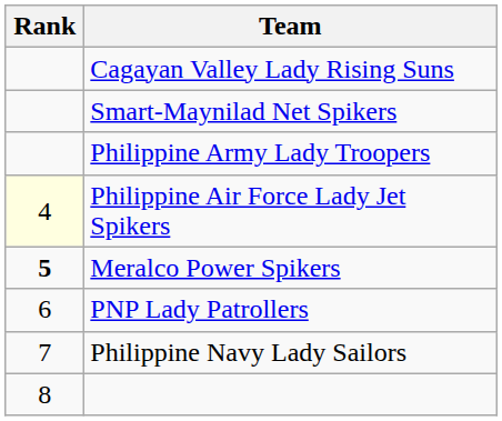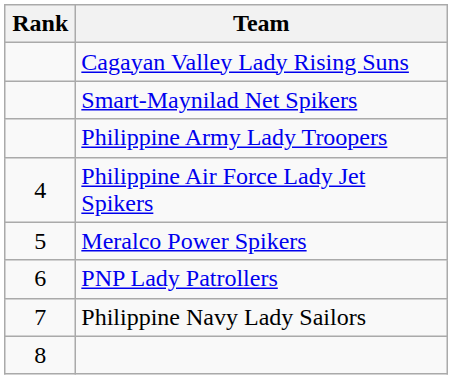 <table class="wikitable" style="text-align: center;">
 <tr>
 <th width=40>Rank</th>
 <th width=240>Team</th>
 </tr>
 <tr>
 <td></td>
 <td align="left"> <a href='#'>Cagayan Valley Lady Rising Suns</a></td>
 </tr>
 <tr>
 <td></td>
 <td align="left"> <a href='#'>Smart-Maynilad Net Spikers</a></td>
 </tr>
 <tr>
 <td></td>
 <td align="left"> <a href='#'>Philippine Army Lady Troopers</a></td>
 </tr>
 <tr>
-<td style="background: lightyellow;">4</td>
+<td>4</td>
 <td align="left"> <a href='#'>Philippine Air Force Lady Jet Spikers</a></td>
 </tr>
 <tr>
-<td><strong>5</strong></td>
+<td>5</td>
 <td align="left"> <a href='#'>Meralco Power Spikers</a></td>
 </tr>
 <tr>
 <td>6</td>
 <td align="left"> <a href='#'>PNP Lady Patrollers</a></td>
 </tr>
 <tr>
 <td>7</td>
 <td align="left"> Philippine Navy Lady Sailors</td>
 </tr>
 <tr>
 <td>8</td>
 <td align="left"></td>
 </tr>
 </table>
